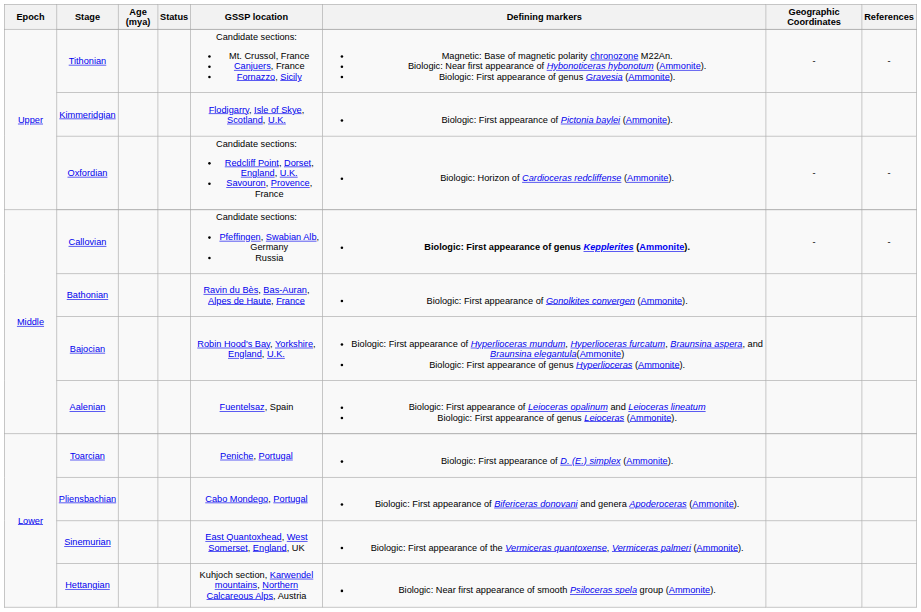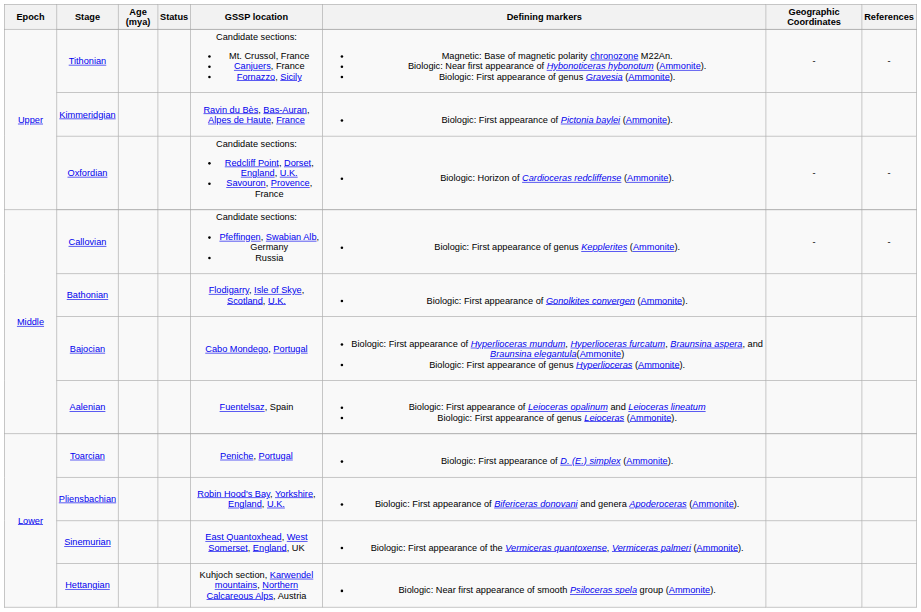 <table class="wikitable"  style="font-size:90%; width:90%; text-align:center;">
 <tr>
 <th style="width:75px;">Epoch</th>
 <th style="width:75px;">Stage</th>
 <th style="width:55px;">Age (mya)</th>
 <th style="width:15px;">Status</th>
 <th style="width:200px;">GSSP location</th>
 <th width="">Defining markers</th>
 <th width="">Geographic Coordinates</th>
 <th width="">References</th>
 </tr>
 <tr style="background:">
 <td rowspan="4"><a href='#'>Upper</a></td>
 </tr>
 <tr style="background:">
 <td><a href='#'>Tithonian</a></td>
 <td></td>
 <td></td>
 <td>Candidate sections:<br><ul><li>Mt. Crussol, France</li><li><a href='#'>Canjuers</a>, France</li><li><a href='#'>Fornazzo</a>, <a href='#'>Sicily</a></li></ul></td>
 <td><br><ul><li>Magnetic: Base of magnetic polarity <a href='#'>chronozone</a> M22An.</li><li>Biologic: Near first appearance of <em><a href='#'>Hybonoticeras hybonotum</a></em> (<a href='#'>Ammonite</a>).</li><li>Biologic: First appearance of genus <em><a href='#'>Gravesia</a></em> (<a href='#'>Ammonite</a>).</li></ul></td>
 <td>-</td>
 <td>-</td>
 </tr>
 <tr style="background:">
 <td><a href='#'>Kimmeridgian</a></td>
 <td></td>
 <td></td>
-<td><a href='#'>Flodigarry</a>, <a href='#'>Isle of Skye</a>, <a href='#'>Scotland</a>, <a href='#'>U.K.</a></td>
+<td><a href='#'>Ravin du Bès</a>, <a href='#'>Bas-Auran</a>, <a href='#'>Alpes de Haute</a>, <a href='#'>France</a></td>
 <td><br><ul><li>Biologic: First appearance of <em><a href='#'>Pictonia baylei</a></em> (<a href='#'>Ammonite</a>).</li></ul></td>
 <td></td>
 <td></td>
 </tr>
 <tr style="background:">
 <td><a href='#'>Oxfordian</a></td>
 <td></td>
 <td></td>
 <td>Candidate sections:<br><ul><li><a href='#'>Redcliff Point</a>, <a href='#'>Dorset</a>, <a href='#'>England</a>, <a href='#'>U.K.</a></li><li><a href='#'>Savouron</a>, <a href='#'>Provence</a>, France</li></ul></td>
 <td><br><ul><li>Biologic: Horizon of <em><a href='#'>Cardioceras redcliffense</a></em> (<a href='#'>Ammonite</a>).</li></ul></td>
 <td>-</td>
 <td>-</td>
 </tr>
 <tr style="background:">
 <td rowspan="5"><a href='#'>Middle</a></td>
 </tr>
 <tr style="background:">
 <td><a href='#'>Callovian</a></td>
 <td></td>
 <td></td>
 <td>Candidate sections:<br><ul><li><a href='#'>Pfeffingen</a>, <a href='#'>Swabian Alb</a>, Germany</li><li>Russia</li></ul></td>
-<td><strong><br><ul><li>Biologic: First appearance of genus <em><a href='#'>Kepplerites</a></em> (<a href='#'>Ammonite</a>).</li></ul></strong></td>
+<td><br><ul><li>Biologic: First appearance of genus <em><a href='#'>Kepplerites</a></em> (<a href='#'>Ammonite</a>).</li></ul></td>
 <td>-</td>
 <td>-</td>
 </tr>
 <tr style="background:">
 <td><a href='#'>Bathonian</a></td>
 <td></td>
 <td></td>
-<td><a href='#'>Ravin du Bès</a>, <a href='#'>Bas-Auran</a>, <a href='#'>Alpes de Haute</a>, <a href='#'>France</a></td>
+<td><a href='#'>Flodigarry</a>, <a href='#'>Isle of Skye</a>, <a href='#'>Scotland</a>, <a href='#'>U.K.</a></td>
 <td><br><ul><li>Biologic: First appearance of <em><a href='#'>Gonolkites convergen</a></em> (<a href='#'>Ammonite</a>).</li></ul></td>
 <td></td>
 <td></td>
 </tr>
 <tr style="background:">
 <td><a href='#'>Bajocian</a></td>
 <td></td>
 <td></td>
-<td><a href='#'>Robin Hood's Bay</a>, <a href='#'>Yorkshire</a>, <a href='#'>England</a>, <a href='#'>U.K.</a></td>
+<td><a href='#'>Cabo Mondego</a>, <a href='#'>Portugal</a></td>
 <td><br><ul><li>Biologic: First appearance of <em><a href='#'>Hyperlioceras mundum</a></em>, <em><a href='#'>Hyperlioceras furcatum</a></em>, <em><a href='#'>Braunsina aspera</a></em>, and <em><a href='#'>Braunsina elegantula</a></em>(<a href='#'>Ammonite</a>)</li><li>Biologic: First appearance of genus <em><a href='#'>Hyperlioceras</a></em> (<a href='#'>Ammonite</a>).</li></ul></td>
 <td></td>
 <td></td>
 </tr>
 <tr style="background:">
 <td><a href='#'>Aalenian</a></td>
 <td></td>
 <td></td>
 <td><a href='#'>Fuentelsaz</a>, Spain</td>
 <td><br><ul><li>Biologic: First appearance of <em><a href='#'>Leioceras opalinum</a></em> and <em><a href='#'>Leioceras lineatum</a></em></li><li>Biologic: First appearance of genus <em><a href='#'>Leioceras</a></em> (<a href='#'>Ammonite</a>).</li></ul></td>
 <td></td>
 <td></td>
 </tr>
 <tr style="background:">
 <td rowspan="5"><a href='#'>Lower</a></td>
 </tr>
 <tr style="background:">
 <td><a href='#'>Toarcian</a></td>
 <td></td>
 <td></td>
 <td><a href='#'>Peniche</a>, <a href='#'>Portugal</a></td>
 <td><br><ul><li>Biologic: First appearance of <em><a href='#'>D. (E.) simplex</a></em> (<a href='#'>Ammonite</a>).</li></ul></td>
 <td></td>
 <td></td>
 </tr>
 <tr style="background:">
 <td><a href='#'>Pliensbachian</a></td>
 <td></td>
 <td></td>
-<td><a href='#'>Cabo Mondego</a>, <a href='#'>Portugal</a></td>
+<td><a href='#'>Robin Hood's Bay</a>, <a href='#'>Yorkshire</a>, <a href='#'>England</a>, <a href='#'>U.K.</a></td>
 <td><br><ul><li>Biologic: First appearance of <em><a href='#'>Bifericeras donovani</a></em> and genera <em><a href='#'>Apoderoceras</a></em> (<a href='#'>Ammonite</a>).</li></ul></td>
 <td></td>
 <td></td>
 </tr>
 <tr style="background:">
 <td><a href='#'>Sinemurian</a></td>
 <td></td>
 <td></td>
 <td><a href='#'>East Quantoxhead</a>, <a href='#'>West Somerset</a>, <a href='#'>England</a>, UK</td>
 <td><br><ul><li>Biologic: First appearance of the <em><a href='#'>Vermiceras quantoxense</a></em>, <em><a href='#'>Vermiceras palmeri</a></em>  (<a href='#'>Ammonite</a>).</li></ul></td>
 <td></td>
 <td></td>
 </tr>
 <tr style="background:">
 <td><a href='#'>Hettangian</a></td>
 <td></td>
 <td></td>
 <td>Kuhjoch section, <a href='#'>Karwendel mountains</a>, <a href='#'>Northern Calcareous Alps</a>, Austria</td>
 <td><br><ul><li>Biologic: Near first appearance of smooth <em><a href='#'>Psiloceras spela</a></em> group (<a href='#'>Ammonite</a>).</li></ul></td>
 <td></td>
 <td></td>
 </tr>
 </table>
